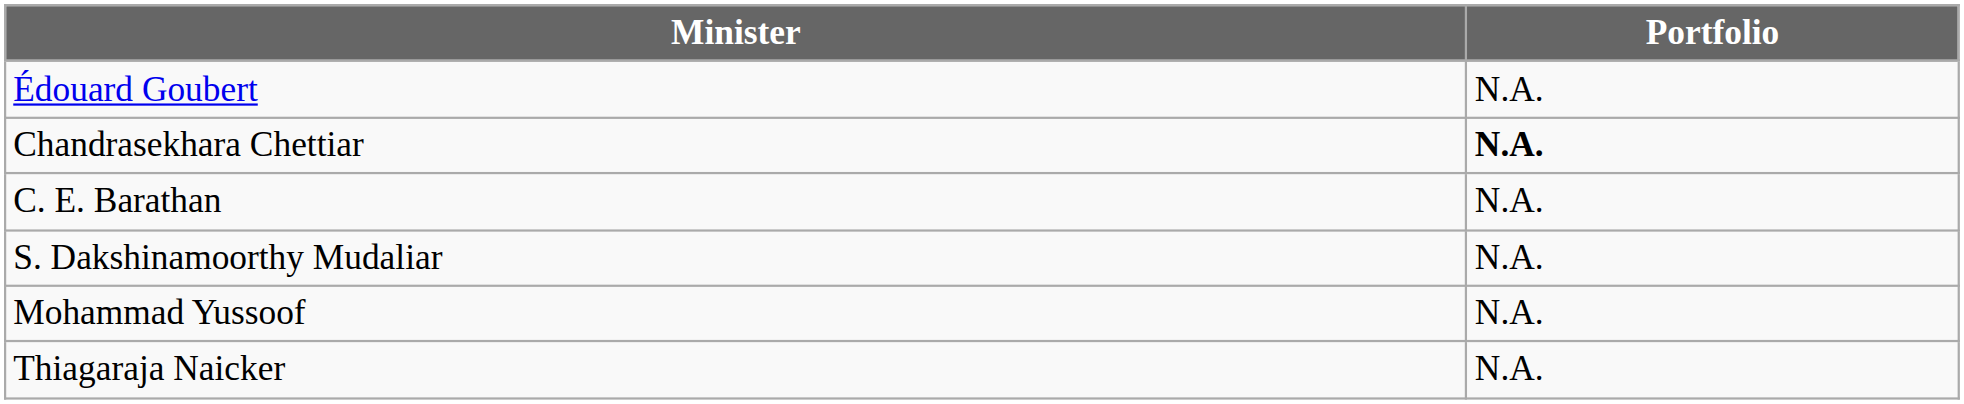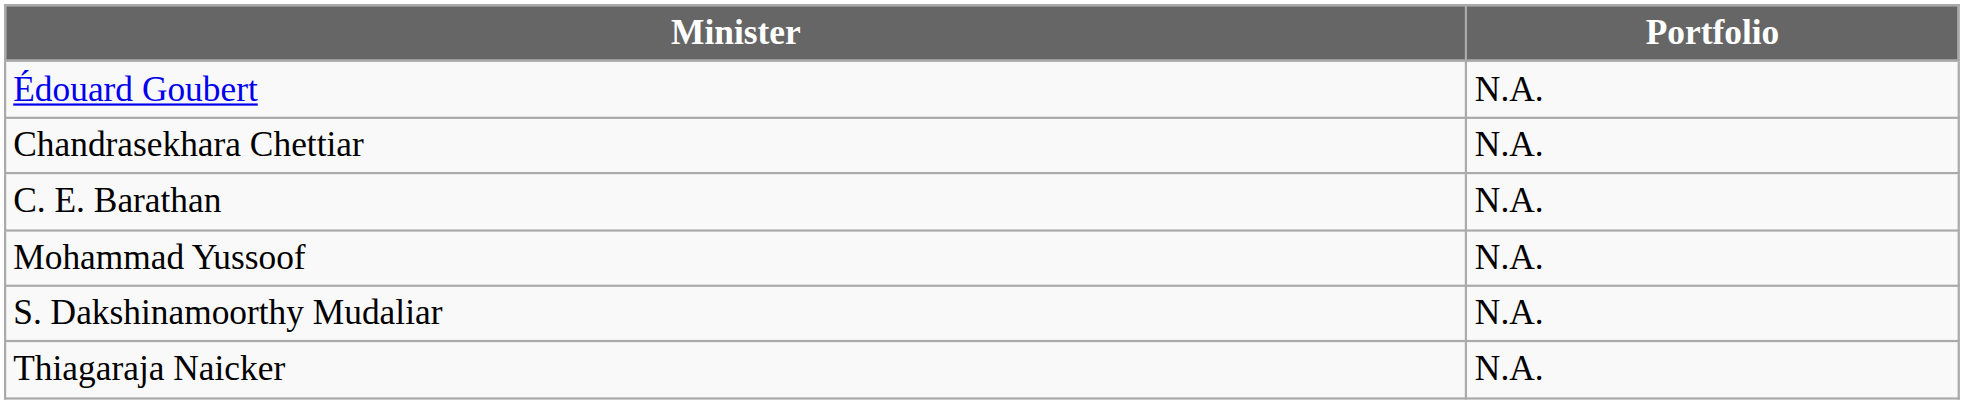 <table class="wikitable" width="70%" style="font-size: x-big; font-family: verdana">
 <tr>
 <th style="background-color:#666666; color:white">Minister</th>
 <th style="background-color:#666666; color:white">Portfolio</th>
 </tr>
 <tr -->
 <td><a href='#'>Édouard Goubert</a><br></td>
 <td>N.A.</td>
 </tr>
 <tr -->
 <td>Chandrasekhara Chettiar</td>
-<td><strong>N.A.</strong></td>
+<td>N.A.</td>
 </tr>
 <tr -->
 <td>C. E. Barathan</td>
+<td>N.A.</td>
+</tr>
+<tr -->
+<td>Mohammad Yussoof</td>
 <td>N.A.</td>
 </tr>
 <tr -->
 <td>S. Dakshinamoorthy Mudaliar</td>
 <td>N.A.</td>
 </tr>
 <tr -->
-<td>Mohammad Yussoof</td>
-<td>N.A.</td>
-</tr>
-<tr -->
 <td>Thiagaraja Naicker</td>
 <td>N.A.</td>
 </tr>
 </table>
